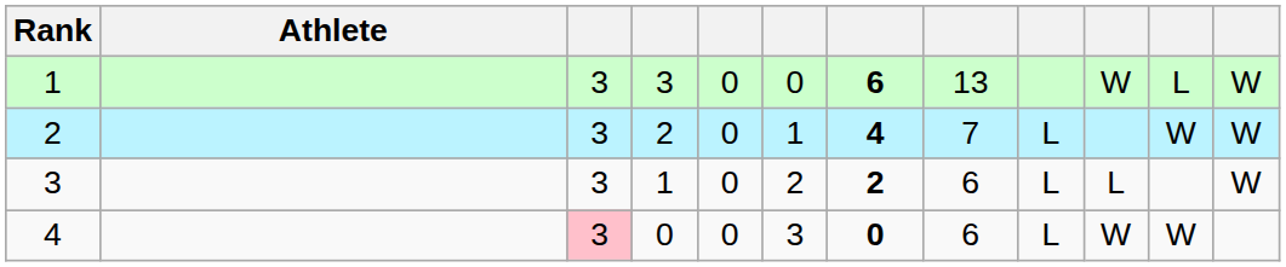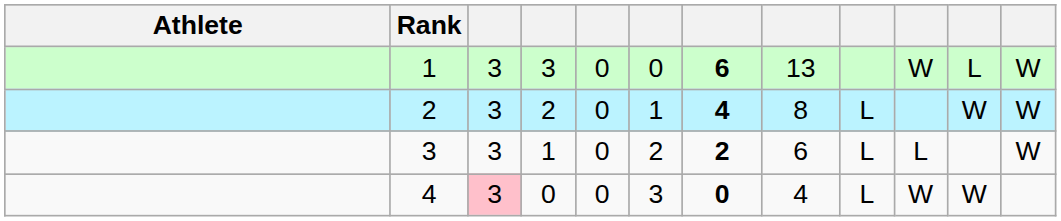 <table class="wikitable" style="text-align: center;">
 <tr>
+<th width=225>Athlete</th>
 <th width=25>Rank</th>
-<th width=225>Athlete</th>
 <th width=25></th>
 <th width=25></th>
 <th width=25></th>
 <th width=25></th>
 <th width=40></th>
 <th width=40></th>
 <th width=25></th>
 <th width=25></th>
 <th width=25></th>
 <th width=25></th>
 </tr>
 <tr bgcolor=ccffcc>
+<td align=left></td>
 <td>1</td>
-<td align=left></td>
 <td>3</td>
 <td>3</td>
 <td>0</td>
 <td>0</td>
 <td><strong>6</strong></td>
 <td>13</td>
 <td></td>
 <td>W</td>
 <td>L</td>
 <td>W</td>
 </tr>
 <tr bgcolor=bbf3ff>
+<td align=left></td>
 <td>2</td>
-<td align=left></td>
 <td>3</td>
 <td>2</td>
 <td>0</td>
 <td>1</td>
 <td><strong>4</strong></td>
-<td>7</td>
+<td>8</td>
 <td>L</td>
 <td></td>
 <td>W</td>
 <td>W</td>
 </tr>
 <tr>
+<td align=left></td>
 <td>3</td>
-<td align=left></td>
 <td>3</td>
 <td>1</td>
 <td>0</td>
 <td>2</td>
 <td><strong>2</strong></td>
 <td>6</td>
 <td>L</td>
 <td>L</td>
 <td></td>
 <td>W</td>
 </tr>
 <tr>
+<td align=left></td>
 <td>4</td>
-<td align=left></td>
 <td style="background: pink;">3</td>
 <td>0</td>
 <td>0</td>
 <td>3</td>
 <td><strong>0</strong></td>
-<td>6</td>
+<td>4</td>
 <td>L</td>
 <td>W</td>
 <td>W</td>
 <td></td>
 </tr>
 </table>
